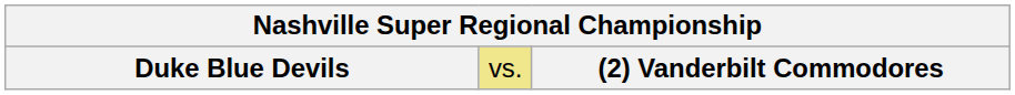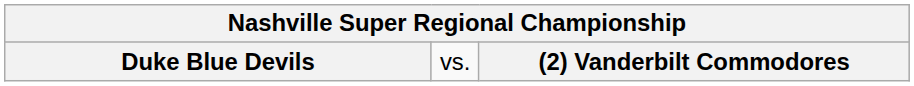 <table class="wikitable">
 <tr>
 <th style="width: 604px;" colspan=3>Nashville Super Regional Championship</th>
 </tr>
 <tr>
 <th style="width: 289px; ">Duke Blue Devils</th>
-<td style="background: khaki; width: 25px; text-align:center">vs.</td>
+<td style="width: 25px; text-align:center">vs.</td>
 <th style="width: 289px; ">(2) Vanderbilt Commodores</th>
 </tr>
 </table>
